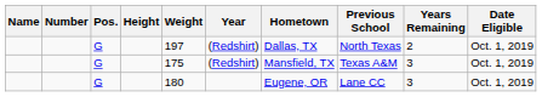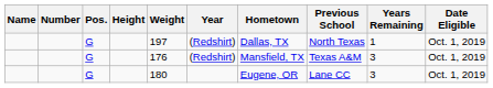 <table class="wikitable sortable" style="font-size:90%;" border="1">
 <tr>
 <th>Name</th>
 <th>Number</th>
 <th>Pos.</th>
 <th>Height</th>
 <th>Weight</th>
 <th>Year</th>
 <th>Hometown</th>
 <th ! class="unsortable">Previous<br>School</th>
 <th ! class="unsortable">Years<br>Remaining</th>
 <th ! class="unsortable">Date<br>Eligible</th>
 </tr>
 <tr>
 <td></td>
 <td></td>
 <td><a href='#'>G</a></td>
 <td></td>
 <td>197</td>
 <td> (<a href='#'>Redshirt</a>)</td>
 <td><a href='#'>Dallas, TX</a></td>
 <td><a href='#'>North Texas</a></td>
-<td>2</td>
+<td>1</td>
 <td>Oct. 1, 2019</td>
 </tr>
 <tr>
 <td></td>
 <td></td>
 <td><a href='#'>G</a></td>
 <td></td>
-<td>175</td>
+<td>176</td>
 <td> (<a href='#'>Redshirt</a>)</td>
 <td><a href='#'>Mansfield, TX</a></td>
 <td><a href='#'>Texas A&M</a></td>
 <td>3</td>
 <td>Oct. 1, 2019</td>
 </tr>
 <tr>
 <td></td>
 <td></td>
 <td><a href='#'>G</a></td>
 <td></td>
 <td>180</td>
 <td></td>
 <td><a href='#'>Eugene, OR</a></td>
 <td><a href='#'>Lane CC</a></td>
 <td>3</td>
 <td>Oct. 1, 2019</td>
 </tr>
 </table>
